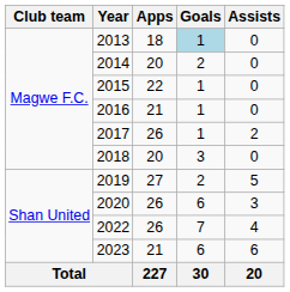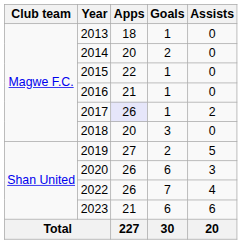 <table class="wikitable" style="text-align: center;">
 <tr>
 <th>Club team</th>
 <th>Year</th>
 <th>Apps</th>
 <th>Goals</th>
 <th>Assists</th>
 </tr>
 <tr>
 <td rowspan=6><a href='#'>Magwe F.C.</a></td>
 <td>2013</td>
 <td>18</td>
-<td style="background: lightblue;">1</td>
+<td>1</td>
 <td>0</td>
 </tr>
 <tr>
 <td>2014</td>
 <td>20</td>
 <td>2</td>
 <td>0</td>
 </tr>
 <tr>
 <td>2015</td>
 <td>22</td>
 <td>1</td>
 <td>0</td>
 </tr>
 <tr>
 <td>2016</td>
 <td>21</td>
 <td>1</td>
 <td>0</td>
 </tr>
 <tr>
 <td>2017</td>
-<td>26</td>
+<td style="background: lavender;">26</td>
 <td>1</td>
 <td>2</td>
 </tr>
 <tr>
 <td>2018</td>
 <td>20</td>
 <td>3</td>
 <td>0</td>
 </tr>
 <tr>
 <td rowspan=4><a href='#'>Shan United</a></td>
 <td>2019</td>
 <td>27</td>
 <td>2</td>
 <td>5</td>
 </tr>
 <tr>
 <td>2020</td>
 <td>26</td>
 <td>6</td>
 <td>3</td>
 </tr>
 <tr>
 <td>2022</td>
 <td>26</td>
 <td>7</td>
 <td>4</td>
 </tr>
 <tr>
 <td>2023</td>
 <td>21</td>
 <td>6</td>
 <td>6</td>
 </tr>
 <tr>
 <th colspan=2>Total</th>
 <th>227</th>
 <th>30</th>
 <th>20</th>
 </tr>
 </table>
